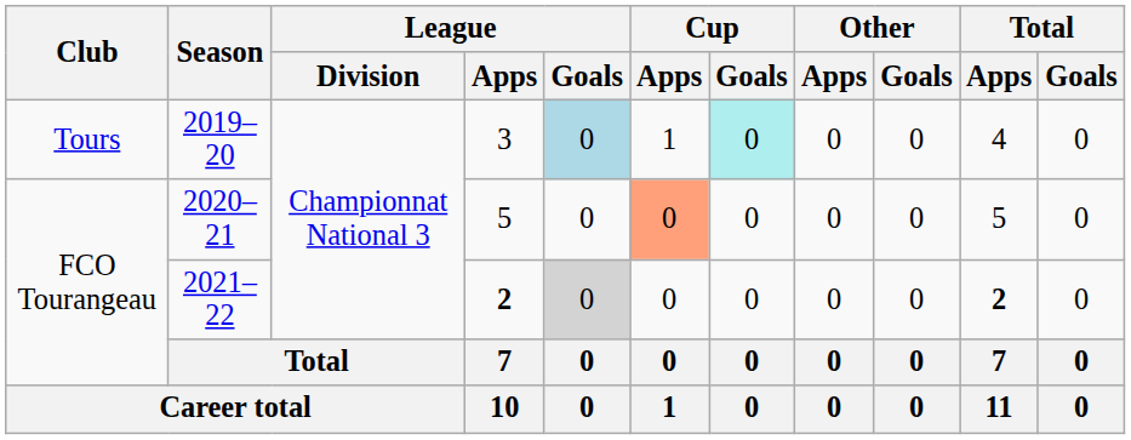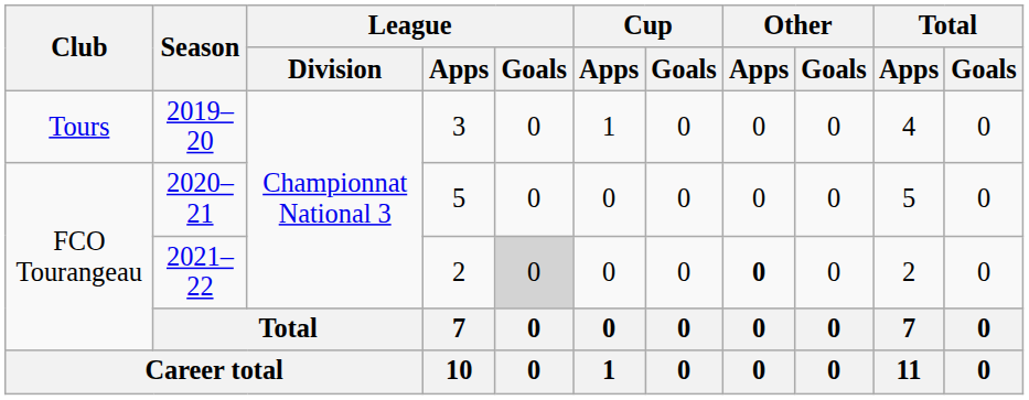 <table class="wikitable" style="text-align: center">
 <tr>
 <th rowspan="2">Club</th>
 <th rowspan="2">Season</th>
 <th colspan="3">League</th>
 <th colspan="2">Cup</th>
 <th colspan="2">Other</th>
 <th colspan="2">Total</th>
 </tr>
 <tr>
 <th>Division</th>
 <th>Apps</th>
 <th>Goals</th>
 <th>Apps</th>
 <th>Goals</th>
 <th>Apps</th>
 <th>Goals</th>
 <th>Apps</th>
 <th>Goals</th>
 </tr>
 <tr>
 <td><a href='#'>Tours</a></td>
 <td><a href='#'>2019–20</a></td>
 <td rowspan="3"><a href='#'>Championnat National 3</a></td>
 <td>3</td>
-<td style="background: lightblue;">0</td>
+<td>0</td>
 <td>1</td>
-<td style="background: paleturquoise;">0</td>
+<td>0</td>
 <td>0</td>
 <td>0</td>
 <td>4</td>
 <td>0</td>
 </tr>
 <tr>
 <td rowspan="3">FCO Tourangeau</td>
 <td><a href='#'>2020–21</a></td>
 <td>5</td>
 <td>0</td>
-<td style="background: lightsalmon;">0</td>
+<td>0</td>
 <td>0</td>
 <td>0</td>
 <td>0</td>
 <td>5</td>
 <td>0</td>
 </tr>
 <tr>
 <td><a href='#'>2021–22</a></td>
-<td><strong>2</strong></td>
+<td>2</td>
 <td style="background: lightgrey;">0</td>
 <td>0</td>
 <td>0</td>
+<td><strong>0</strong></td>
 <td>0</td>
-<td>0</td>
-<td><strong>2</strong></td>
+<td>2</td>
 <td>0</td>
 </tr>
 <tr>
 <th colspan="2">Total</th>
 <th>7</th>
 <th>0</th>
 <th>0</th>
 <th>0</th>
 <th>0</th>
 <th>0</th>
 <th>7</th>
 <th>0</th>
 </tr>
 <tr>
 <th colspan="3">Career total</th>
 <th>10</th>
 <th>0</th>
 <th>1</th>
 <th>0</th>
 <th>0</th>
 <th>0</th>
 <th>11</th>
 <th>0</th>
 </tr>
 </table>
